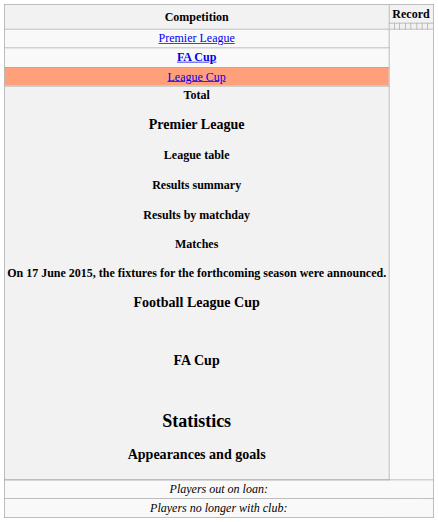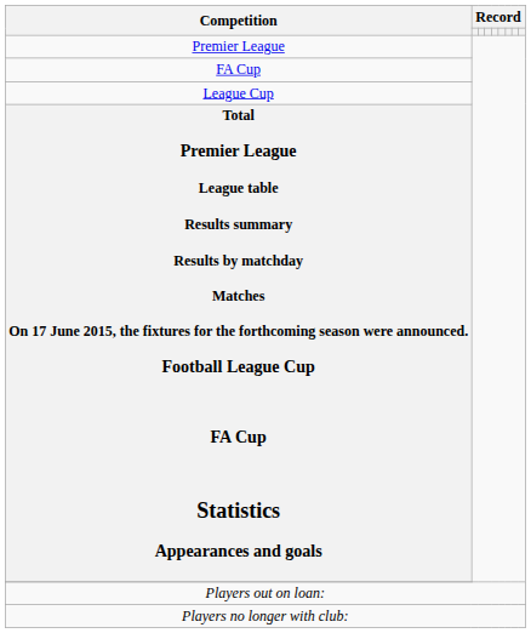 <table class="wikitable" style="text-align: center">
 <tr>
 <th rowspan=2>Competition</th>
 <th colspan=8>Record</th>
 </tr>
 <tr>
 <th></th>
 <th></th>
 <th></th>
 <th></th>
 <th></th>
 <th></th>
 <th></th>
 <th></th>
 </tr>
 <tr>
 <td><a href='#'>Premier League</a><br></td>
 </tr>
 <tr>
-<td><strong><a href='#'>FA Cup</a><br></strong></td>
+<td><a href='#'>FA Cup</a><br></td>
 </tr>
 <tr>
-<td style="background: lightsalmon;"><a href='#'>League Cup</a><br></td>
+<td><a href='#'>League Cup</a><br></td>
 </tr>
 <tr>
 <th>Total<br> <h3>Premier League</h3><h4>League table</h4><h4>Results summary</h4> <h4>Results by matchday</h4><h4>Matches</h4>On 17 June 2015, the fixtures for the forthcoming season were announced.<br>                                     <h3>Football League Cup</h3><br> <h3>FA Cup</h3><br><h2>Statistics</h2><h3>Appearances and goals</h3> </th>
 </tr>
 <tr>
 </tr>
 <tr>
 <td colspan="14"><em>Players out on loan:</em><br>        </td>
 </tr>
 <tr>
 <td colspan="14"><em>Players no longer with club:</em><br> </td>
 </tr>
 </table>
